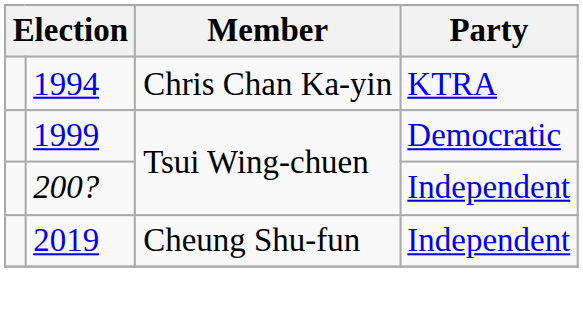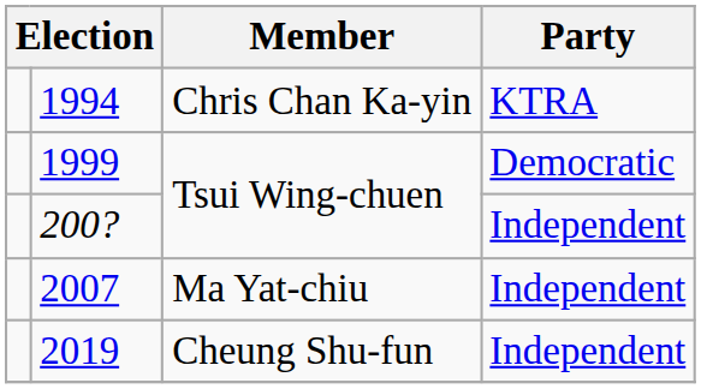 <table class="wikitable">
 <tr>
 <th colspan="2">Election</th>
 <th>Member</th>
 <th>Party</th>
 </tr>
 <tr>
 <td style="background-color: "></td>
 <td><a href='#'>1994</a></td>
 <td>Chris Chan Ka-yin</td>
 <td><a href='#'>KTRA</a></td>
 </tr>
 <tr>
 <td style="background-color: "></td>
 <td><a href='#'>1999</a></td>
 <td rowspan=2>Tsui Wing-chuen</td>
 <td><a href='#'>Democratic</a></td>
 </tr>
 <tr>
 <td style="background-color: "></td>
 <td><em>200?</em></td>
 <td><a href='#'>Independent</a></td>
 </tr>
 <tr>
 <td style="background-color: "></td>
+<td><a href='#'>2007</a></td>
+<td>Ma Yat-chiu</td>
+<td><a href='#'>Independent</a></td>
+</tr>
+<tr>
+<td style="background-color: "></td>
 <td><a href='#'>2019</a></td>
 <td>Cheung Shu-fun</td>
 <td><a href='#'>Independent</a></td>
 </tr>
 <tr>
 </tr>
 </table>
